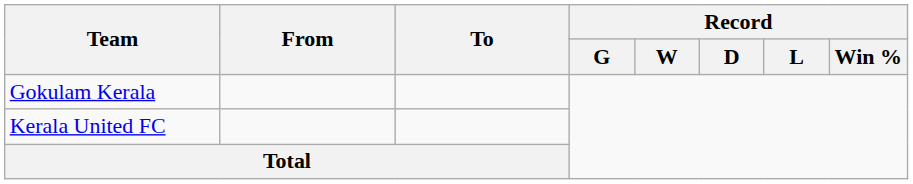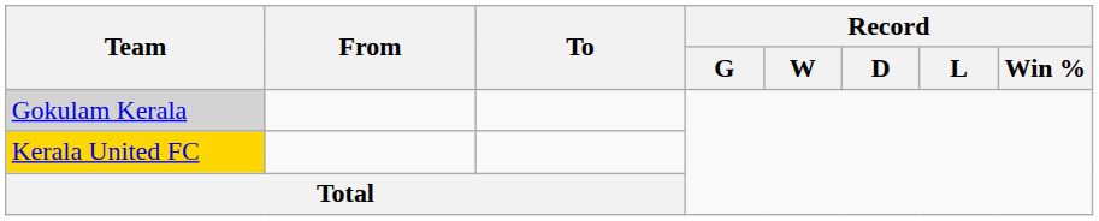 <table class="wikitable" style="text-align: center">
 <tr>
 <th rowspan=2! width=150>Team</th>
 <th rowspan=2! width=120>From</th>
 <th rowspan=2! width=120>To</th>
 <th colspan=7>Record</th>
 </tr>
 <tr>
 <th width=40>G</th>
 <th width=40>W</th>
 <th width=40>D</th>
 <th width=40>L</th>
 <th width=50>Win %</th>
 </tr>
 <tr>
-<td align=left><a href='#'>Gokulam Kerala</a></td>
+<td align=left style="background: lightgrey;"><a href='#'>Gokulam Kerala</a></td>
 <td align=left></td>
 <td align=left><br></td>
 </tr>
 <tr>
-<td align=left><a href='#'>Kerala United FC</a></td>
+<td align=left style="background: gold;"><a href='#'>Kerala United FC</a></td>
 <td align=left></td>
 <td align=left><br></td>
 </tr>
 <tr>
 <th colspan="3">Total<br></th>
 </tr>
 </table>
